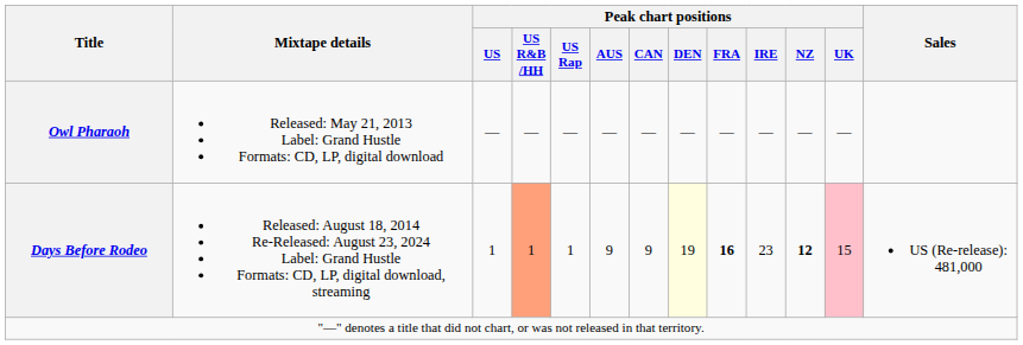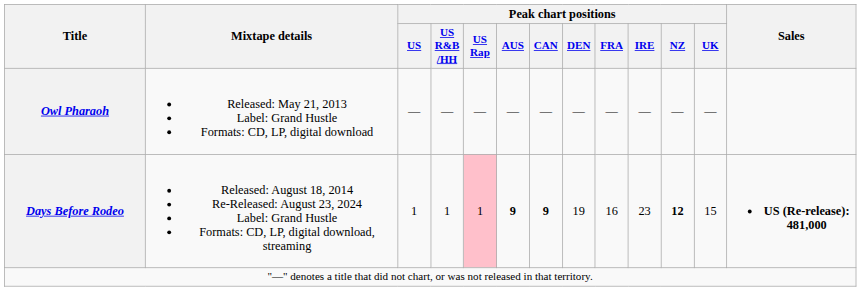 <table class="wikitable plainrowheaders" style="text-align:center;">
 <tr>
 <th scope="col" rowspan="2" style="width:11em;">Title</th>
 <th scope="col" rowspan="2" style="width:20em;">Mixtape details</th>
 <th scope="col" colspan="10">Peak chart positions</th>
 <th scope="col" rowspan="2" style="width:10em;">Sales</th>
 </tr>
 <tr>
 <th scope="col" style="width:2.5em;font-size:90%;"><a href='#'>US</a><br></th>
 <th scope="col" style="width:2.5em;font-size:90%;"><a href='#'>US<br>R&B<br>/HH</a><br></th>
 <th scope="col" style="width:2.5em;font-size:90%;"><a href='#'>US Rap</a><br></th>
 <th scope="col" style="width:2.5em;font-size:90%;"><a href='#'>AUS</a><br></th>
 <th scope="col" style="width:2.5em;font-size:90%;"><a href='#'>CAN</a><br></th>
 <th scope="col" style="width:2.5em;font-size:90%;"><a href='#'>DEN</a><br></th>
 <th scope="col" style="width:2.5em;font-size:90%;"><a href='#'>FRA</a><br></th>
 <th scope="col" style="width:2.5em;font-size:90%;"><a href='#'>IRE</a><br></th>
 <th scope="col" style="width:2.5em;font-size:90%;"><a href='#'>NZ</a><br></th>
 <th scope="col" style="width:2.5em;font-size:90%;"><a href='#'>UK</a><br></th>
 </tr>
 <tr>
 <th scope="row"><em><a href='#'>Owl Pharaoh</a></em></th>
 <td><br><ul><li>Released: May 21, 2013</li><li>Label: Grand Hustle</li><li>Formats: CD, LP, digital download</li></ul></td>
 <td>—</td>
 <td>—</td>
 <td>—</td>
 <td>—</td>
 <td>—</td>
 <td>—</td>
 <td>—</td>
 <td>—</td>
 <td>—</td>
 <td>—</td>
 <td></td>
 </tr>
 <tr>
 <th scope="row"><em><a href='#'>Days Before Rodeo</a></em></th>
 <td><br><ul><li>Released: August 18, 2014</li><li>Re-Released: August 23, 2024</li><li>Label: Grand Hustle</li><li>Formats: CD, LP, digital download, streaming</li></ul></td>
 <td>1</td>
-<td style="background: lightsalmon;">1</td>
 <td>1</td>
-<td>9</td>
-<td>9</td>
-<td style="background: lightyellow;">19</td>
-<td><strong>16</strong></td>
+<td style="background: pink;">1</td>
+<td><strong>9</strong></td>
+<td><strong>9</strong></td>
+<td>19</td>
+<td>16</td>
 <td>23</td>
 <td><strong>12</strong></td>
-<td style="background: pink;">15</td>
-<td><br><ul><li>US (Re-release): 481,000</li></ul></td>
+<td>15</td>
+<td><strong><br><ul><li>US (Re-release): 481,000</li></ul></strong></td>
 </tr>
 <tr>
 <td colspan="14" style="font-size:90%">"—" denotes a title that did not chart, or was not released in that territory.</td>
 </tr>
 </table>
